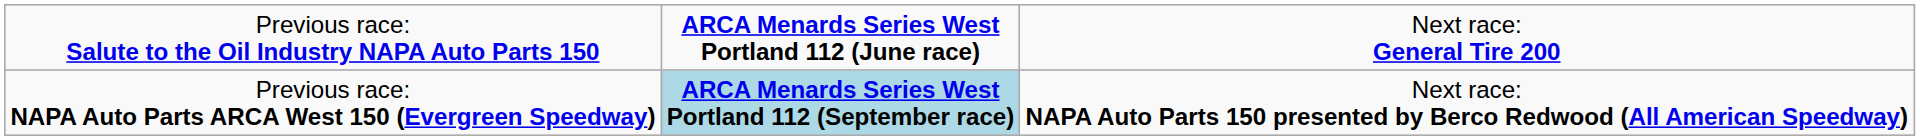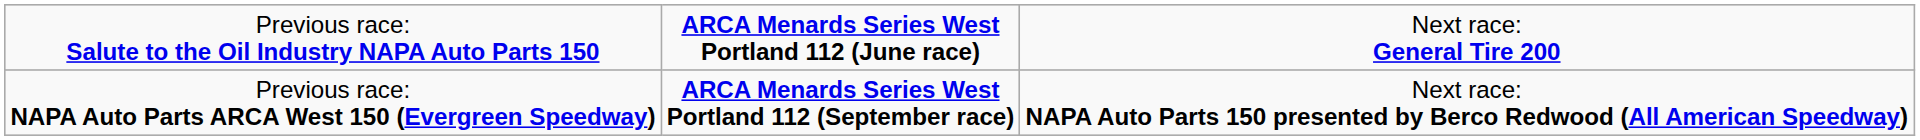 <table class="wikitable" style="font-size: 95%;">
 <tr>
 <td style="text-align:center;">Previous race: <br> <strong><a href='#'>Salute to the Oil Industry NAPA Auto Parts 150</a></strong></td>
 <td style="text-align:center;"><strong><a href='#'>ARCA Menards Series West</a> <br> Portland 112 (June race)</strong></td>
 <td style="text-align:center;">Next race: <br> <strong><a href='#'>General Tire 200</a></strong></td>
 </tr>
 <tr>
 <td style="text-align:center;">Previous race: <br> <strong>NAPA Auto Parts ARCA West 150 (<a href='#'>Evergreen Speedway</a>)</strong></td>
-<td style="background: lightblue; text-align:center;"><strong><a href='#'>ARCA Menards Series West</a> <br> Portland 112 (September race)</strong></td>
+<td style="text-align:center;"><strong><a href='#'>ARCA Menards Series West</a> <br> Portland 112 (September race)</strong></td>
 <td style="text-align:center;">Next race: <br> <strong>NAPA Auto Parts 150 presented by Berco Redwood (<a href='#'>All American Speedway</a>)</strong></td>
 </tr>
 </table>
